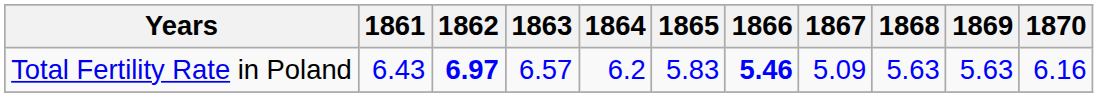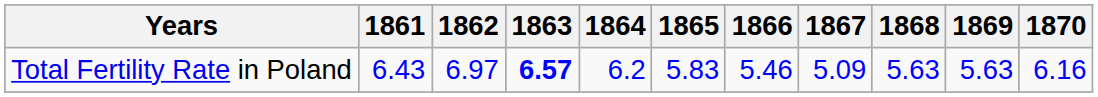 <table class="wikitable " style="text-align:right">
 <tr>
 <th>Years</th>
 <th>1861</th>
 <th>1862</th>
 <th>1863</th>
 <th>1864</th>
 <th>1865</th>
 <th>1866</th>
 <th>1867</th>
 <th>1868</th>
 <th>1869</th>
 <th>1870</th>
 </tr>
 <tr>
 <td align="left"><a href='#'>Total Fertility Rate</a> in Poland</td>
 <td style="text-align:right; color:blue;">6.43</td>
-<td style="text-align:right; color:blue;"><strong>6.97</strong></td>
-<td style="text-align:right; color:blue;">6.57</td>
+<td style="text-align:right; color:blue;">6.97</td>
+<td style="text-align:right; color:blue;"><strong>6.57</strong></td>
 <td style="text-align:right; color:blue;">6.2</td>
 <td style="text-align:right; color:blue;">5.83</td>
-<td style="text-align:right; color:blue;"><strong>5.46</strong></td>
+<td style="text-align:right; color:blue;">5.46</td>
 <td style="text-align:right; color:blue;">5.09</td>
 <td style="text-align:right; color:blue;">5.63</td>
 <td style="text-align:right; color:blue;">5.63</td>
 <td style="text-align:right; color:blue;">6.16</td>
 </tr>
 </table>
